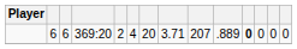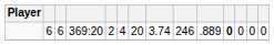 <table class="wikitable sortable" style="text-align:center;">
 <tr>
 <th>Player</th>
 <th></th>
 <th></th>
 <th></th>
 <th></th>
 <th></th>
 <th></th>
 <th></th>
 <th></th>
 <th></th>
 <th></th>
 <th></th>
 <th></th>
 <th></th>
 </tr>
 <tr>
 <td></td>
 <td>6</td>
 <td>6</td>
 <td>369:20</td>
 <td>2</td>
 <td>4</td>
 <td>20</td>
-<td>3.71</td>
-<td>207</td>
+<td>3.74</td>
+<td>246</td>
 <td>.889</td>
 <td><strong>0</strong></td>
 <td>0</td>
 <td>0</td>
 <td>0</td>
 </tr>
 <tr>
 </tr>
 </table>
